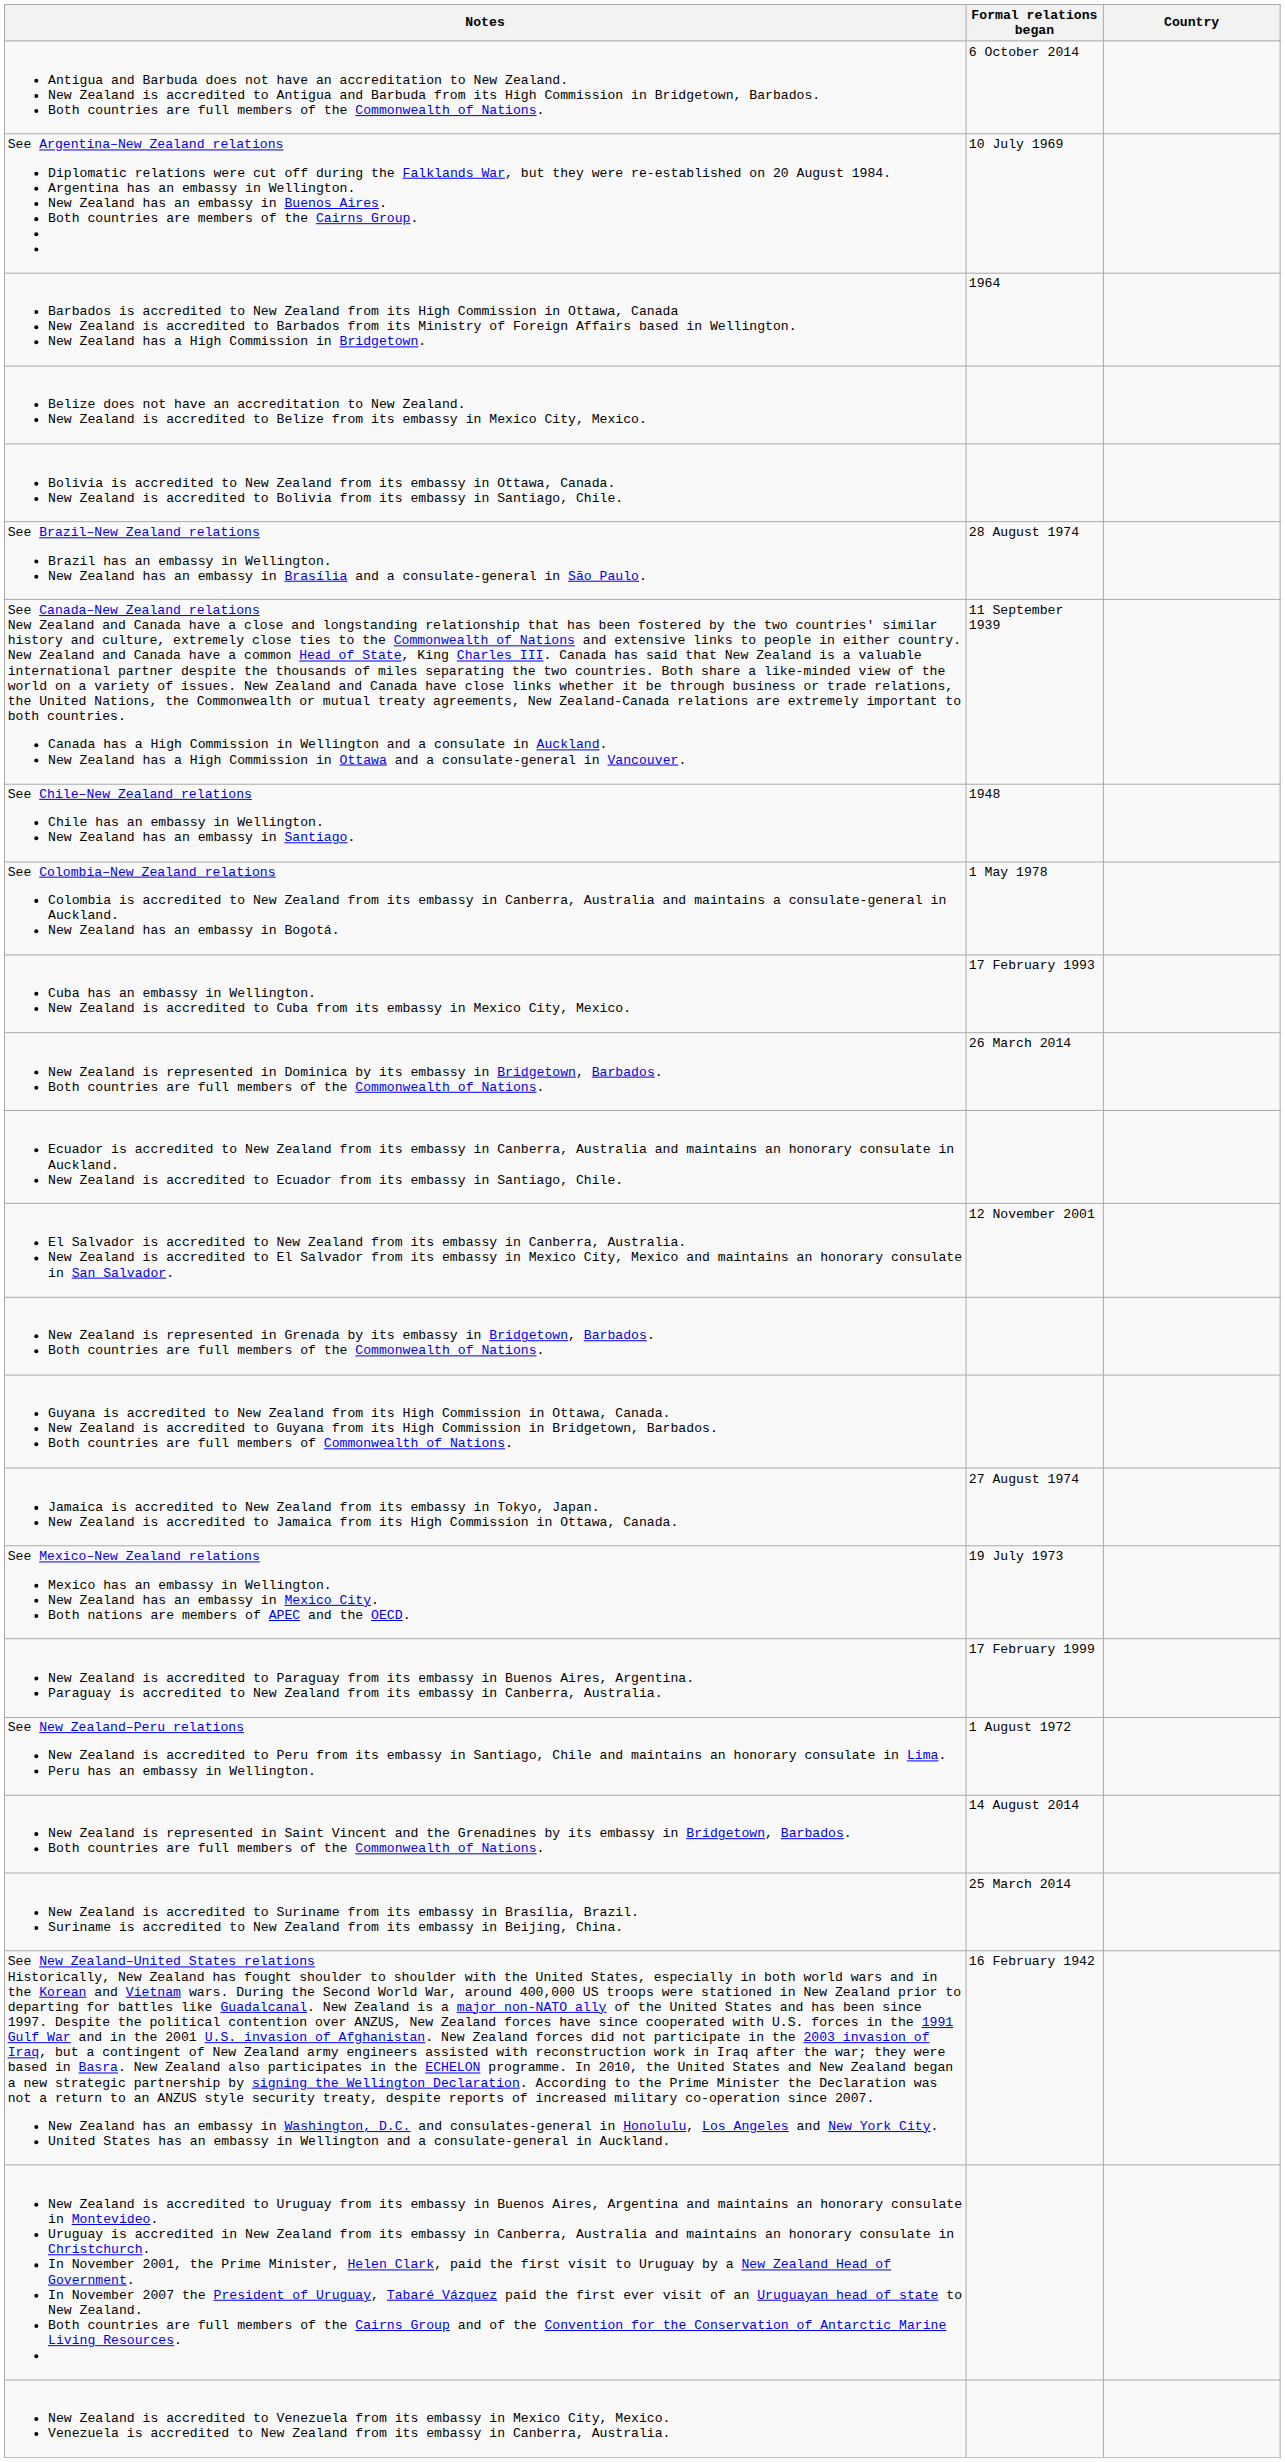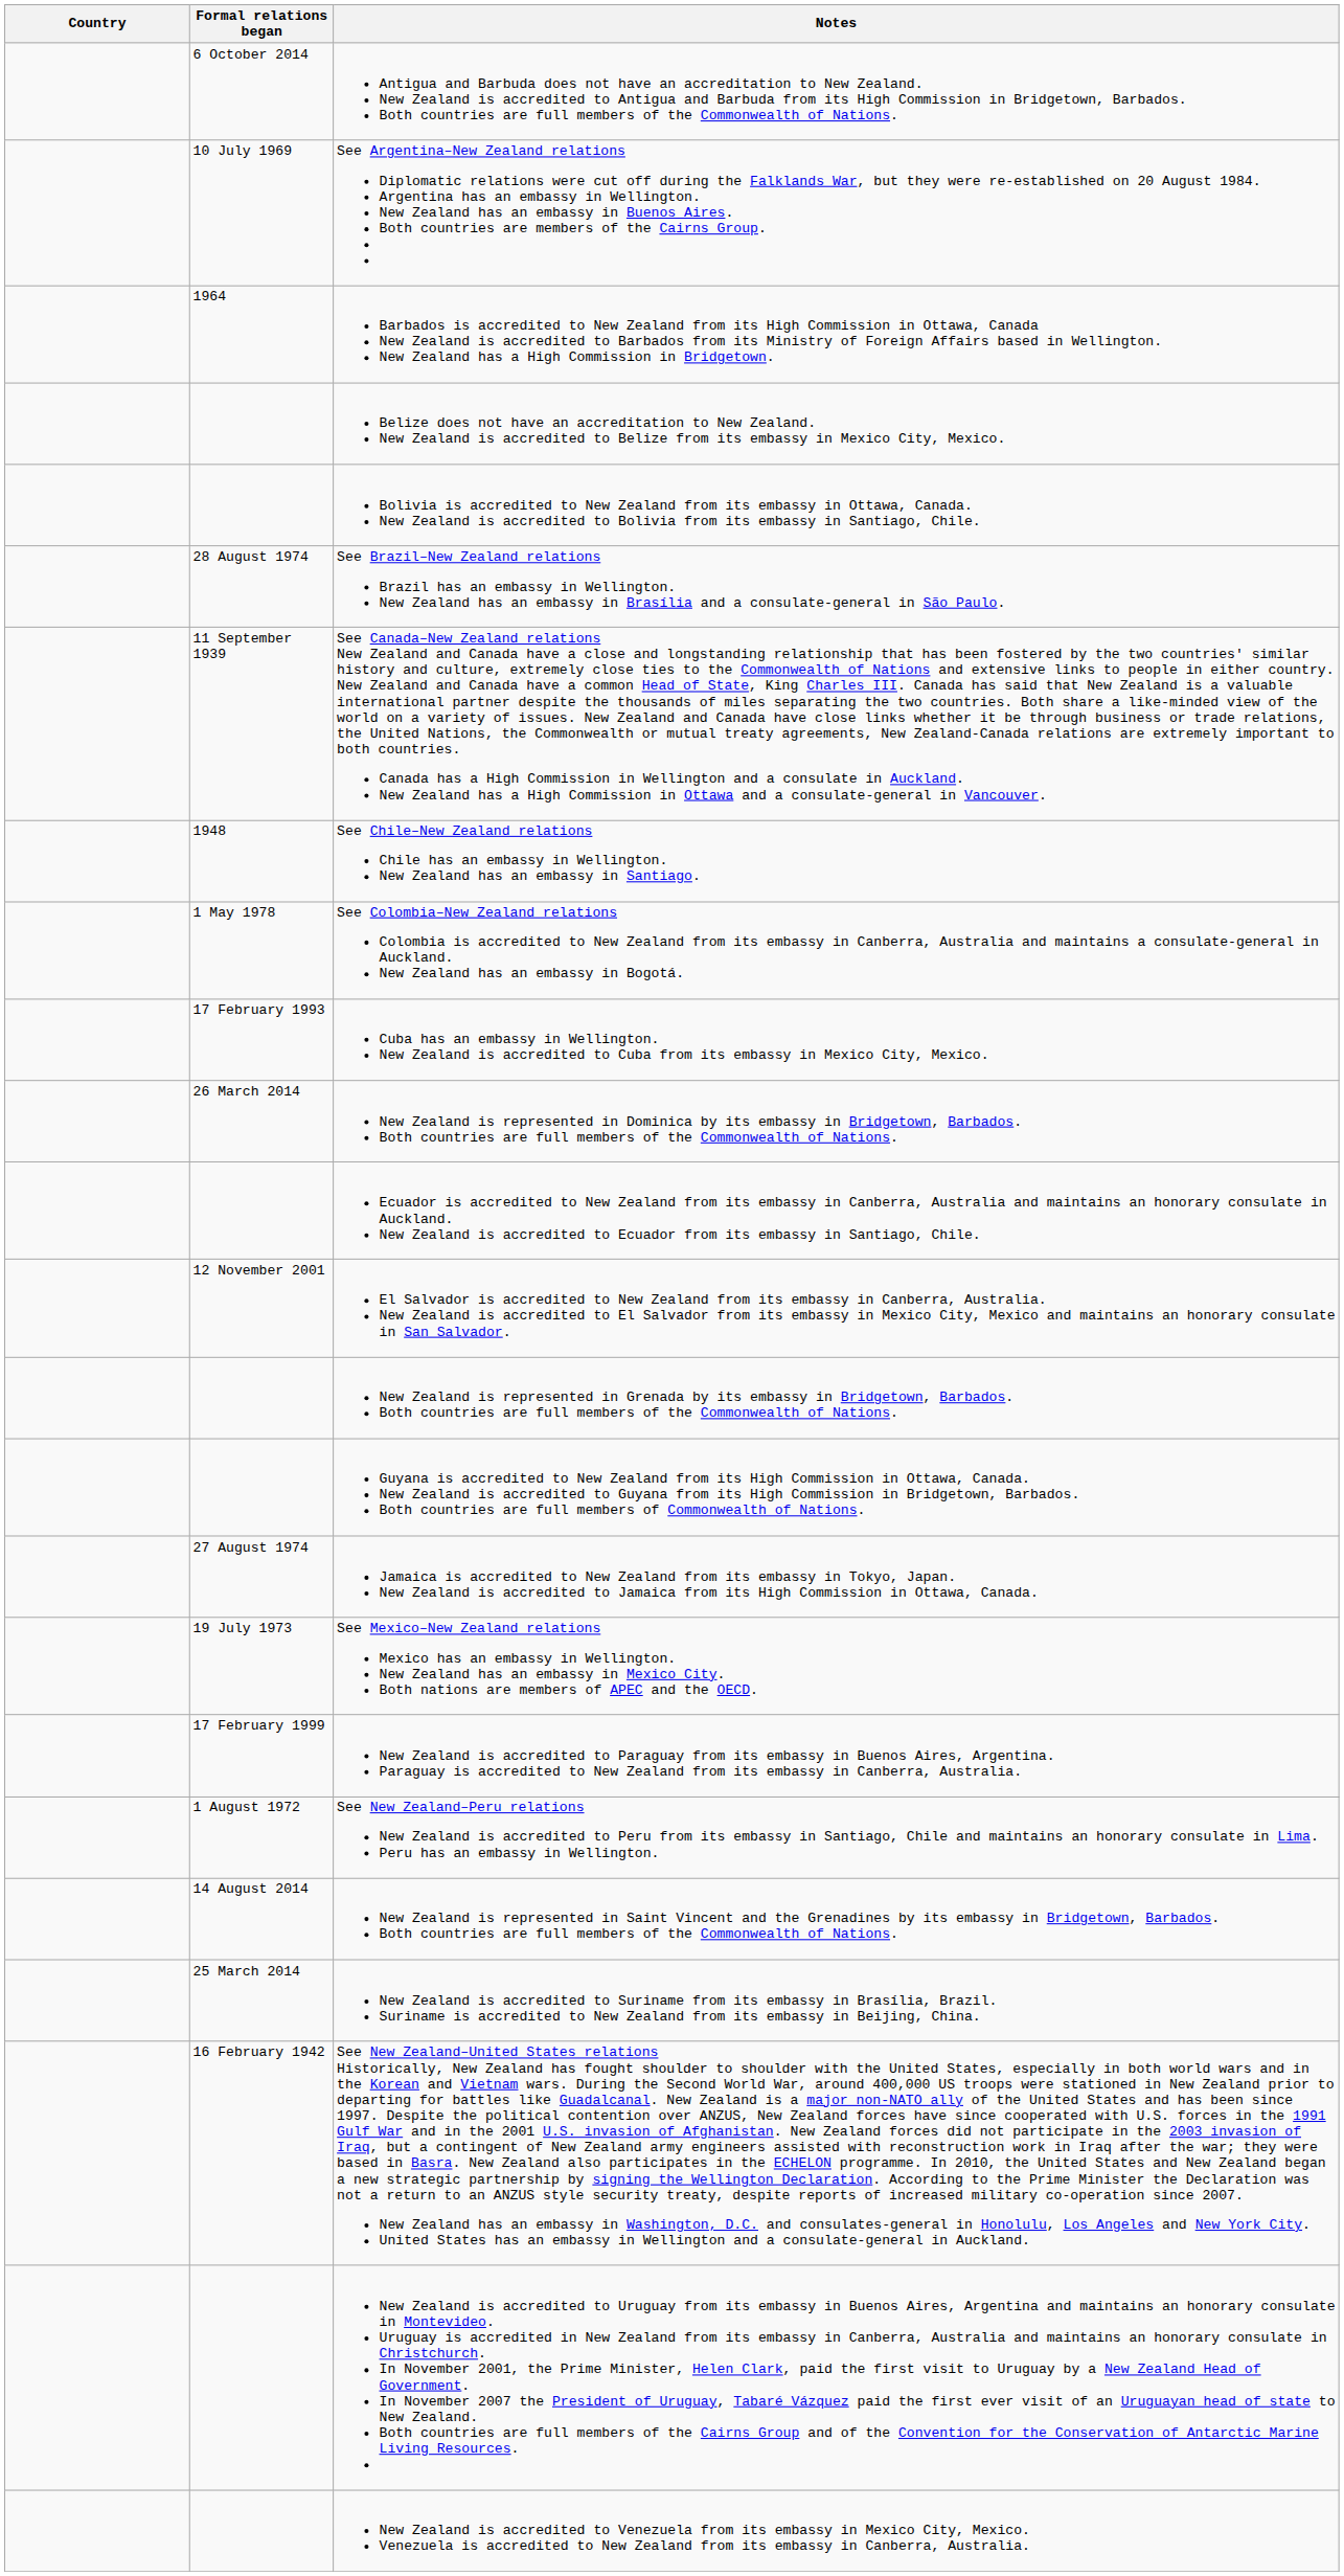 <table class="wikitable sortable" style="width:100%; margin:auto;">
 <tr>
+<th style="width:13em;">Country</th>
+<th style="width:10em;">Formal relations began</th>
 <th>Notes</th>
-<th style="width:10em;">Formal relations began</th>
-<th style="width:13em;">Country</th>
 </tr>
 <tr valign="top">
+<td></td>
+<td>6 October 2014</td>
 <td><br><ul><li>Antigua and Barbuda does not have an accreditation to New Zealand.</li><li>New Zealand is accredited to Antigua and Barbuda from its High Commission in Bridgetown, Barbados.</li><li>Both countries are full members of the <a href='#'>Commonwealth of Nations</a>.</li></ul></td>
-<td>6 October 2014</td>
-<td></td>
 </tr>
 <tr valign="top">
+<td></td>
+<td>10 July 1969</td>
 <td>See <a href='#'>Argentina–New Zealand relations</a><br><ul><li>Diplomatic relations were cut off during the <a href='#'>Falklands War</a>, but they were re-established on 20 August 1984.</li><li>Argentina has an embassy in Wellington.</li><li>New Zealand has an embassy in <a href='#'>Buenos Aires</a>.</li><li>Both countries are members of the <a href='#'>Cairns Group</a>.</li><li></li><li> </li></ul></td>
-<td>10 July 1969</td>
-<td></td>
 </tr>
 <tr valign="top">
+<td></td>
+<td> 1964</td>
 <td><br><ul><li>Barbados is accredited to New Zealand from its High Commission in Ottawa, Canada</li><li>New Zealand is accredited to Barbados from its Ministry of Foreign Affairs based in Wellington.</li><li>New Zealand has a High Commission in <a href='#'>Bridgetown</a>.</li></ul></td>
-<td> 1964</td>
-<td></td>
 </tr>
 <tr valign="top">
-<td><br><ul><li>Belize does not have an accreditation to New Zealand.</li><li>New Zealand is accredited to Belize from its embassy in Mexico City, Mexico.</li></ul></td>
 <td></td>
 <td></td>
+<td><br><ul><li>Belize does not have an accreditation to New Zealand.</li><li>New Zealand is accredited to Belize from its embassy in Mexico City, Mexico.</li></ul></td>
 </tr>
 <tr valign="top">
-<td><br><ul><li>Bolivia is accredited to New Zealand from its embassy in Ottawa, Canada.</li><li>New Zealand is accredited to Bolivia from its embassy in Santiago, Chile.</li></ul></td>
 <td></td>
 <td></td>
+<td><br><ul><li>Bolivia is accredited to New Zealand from its embassy in Ottawa, Canada.</li><li>New Zealand is accredited to Bolivia from its embassy in Santiago, Chile.</li></ul></td>
 </tr>
 <tr valign="top">
+<td></td>
+<td>28 August 1974</td>
 <td>See <a href='#'>Brazil–New Zealand relations</a><br><ul><li>Brazil has an embassy in Wellington.</li><li>New Zealand has an embassy in <a href='#'>Brasília</a> and a consulate-general in <a href='#'>São Paulo</a>.</li></ul></td>
-<td>28 August 1974</td>
-<td></td>
 </tr>
 <tr valign="top">
+<td></td>
+<td>11 September 1939</td>
 <td>See <a href='#'>Canada–New Zealand relations</a><br>New Zealand and Canada have a close and longstanding relationship that has been fostered by the two countries' similar history and culture, extremely close ties to the <a href='#'>Commonwealth of Nations</a> and extensive links to people in either country. New Zealand and Canada have a common <a href='#'>Head of State</a>, King <a href='#'>Charles III</a>. Canada has said that New Zealand is a valuable international partner despite the thousands of miles separating the two countries. Both share a like-minded view of the world on a variety of issues. New Zealand and Canada have close links whether it be through business or trade relations, the United Nations, the Commonwealth or mutual treaty agreements, New Zealand-Canada relations are extremely important to both countries.<ul><li>Canada has a High Commission in Wellington and a consulate in <a href='#'>Auckland</a>.</li><li>New Zealand has a High Commission in <a href='#'>Ottawa</a> and a consulate-general in <a href='#'>Vancouver</a>.</li></ul></td>
-<td>11 September 1939</td>
-<td></td>
 </tr>
 <tr valign="top">
+<td></td>
+<td> 1948</td>
 <td>See <a href='#'>Chile–New Zealand relations</a><br><ul><li>Chile has an embassy in Wellington.</li><li>New Zealand has an embassy in <a href='#'>Santiago</a>.</li></ul></td>
-<td> 1948</td>
-<td></td>
 </tr>
 <tr valign="top">
+<td></td>
+<td>1 May 1978</td>
 <td>See <a href='#'>Colombia–New Zealand relations</a><br><ul><li>Colombia is accredited to New Zealand from its embassy in Canberra, Australia and maintains a consulate-general in Auckland.</li><li>New Zealand has an embassy in Bogotá.</li></ul></td>
-<td>1 May 1978</td>
-<td></td>
 </tr>
 <tr valign="top">
+<td></td>
+<td>17 February 1993</td>
 <td><br><ul><li>Cuba has an embassy in Wellington.</li><li>New Zealand is accredited to Cuba from its embassy in Mexico City, Mexico.</li></ul></td>
-<td>17 February 1993</td>
-<td></td>
 </tr>
 <tr valign="top">
+<td></td>
+<td>26 March 2014</td>
 <td><br><ul><li>New Zealand is represented in Dominica by its embassy in <a href='#'>Bridgetown</a>, <a href='#'>Barbados</a>.</li><li>Both countries are full members of the <a href='#'>Commonwealth of Nations</a>.</li></ul></td>
-<td>26 March 2014</td>
-<td></td>
 </tr>
 <tr valign="top">
-<td><br><ul><li>Ecuador is accredited to New Zealand from its embassy in Canberra, Australia and maintains an honorary consulate in Auckland.</li><li>New Zealand is accredited to Ecuador from its embassy in Santiago, Chile.</li></ul></td>
 <td></td>
 <td></td>
+<td><br><ul><li>Ecuador is accredited to New Zealand from its embassy in Canberra, Australia and maintains an honorary consulate in Auckland.</li><li>New Zealand is accredited to Ecuador from its embassy in Santiago, Chile.</li></ul></td>
 </tr>
 <tr valign="top">
+<td></td>
+<td>12 November 2001</td>
 <td><br><ul><li>El Salvador is accredited to New Zealand from its embassy in Canberra, Australia.</li><li>New Zealand is accredited to El Salvador from its embassy in Mexico City, Mexico and maintains an honorary consulate in <a href='#'>San Salvador</a>.</li></ul></td>
-<td>12 November 2001</td>
-<td></td>
 </tr>
 <tr valign="top">
-<td><br><ul><li>New Zealand is represented in Grenada by its embassy in <a href='#'>Bridgetown</a>, <a href='#'>Barbados</a>.</li><li>Both countries are full members of the <a href='#'>Commonwealth of Nations</a>.</li></ul></td>
 <td></td>
 <td></td>
+<td><br><ul><li>New Zealand is represented in Grenada by its embassy in <a href='#'>Bridgetown</a>, <a href='#'>Barbados</a>.</li><li>Both countries are full members of the <a href='#'>Commonwealth of Nations</a>.</li></ul></td>
 </tr>
 <tr valign="top">
-<td><br><ul><li>Guyana is accredited to New Zealand from its High Commission in Ottawa, Canada.</li><li>New Zealand is accredited to Guyana from its High Commission in Bridgetown, Barbados.</li><li>Both countries are full members of <a href='#'>Commonwealth of Nations</a>.</li></ul></td>
 <td></td>
 <td></td>
+<td><br><ul><li>Guyana is accredited to New Zealand from its High Commission in Ottawa, Canada.</li><li>New Zealand is accredited to Guyana from its High Commission in Bridgetown, Barbados.</li><li>Both countries are full members of <a href='#'>Commonwealth of Nations</a>.</li></ul></td>
 </tr>
 <tr valign="top">
+<td></td>
+<td>27 August 1974</td>
 <td><br><ul><li>Jamaica is accredited to New Zealand from its embassy in Tokyo, Japan.</li><li>New Zealand is accredited to Jamaica from its High Commission in Ottawa, Canada.</li></ul></td>
-<td>27 August 1974</td>
-<td></td>
 </tr>
 <tr valign="top">
+<td></td>
+<td>19 July 1973</td>
 <td>See <a href='#'>Mexico–New Zealand relations</a><br><ul><li>Mexico has an embassy in Wellington.</li><li>New Zealand has an embassy in <a href='#'>Mexico City</a>.</li><li>Both nations are members of <a href='#'>APEC</a> and the <a href='#'>OECD</a>.</li></ul></td>
-<td>19 July 1973</td>
-<td></td>
 </tr>
 <tr valign="top">
+<td></td>
+<td>17 February 1999</td>
 <td><br><ul><li>New Zealand is accredited to Paraguay from its embassy in Buenos Aires, Argentina.</li><li>Paraguay is accredited to New Zealand from its embassy in Canberra, Australia.</li></ul></td>
-<td>17 February 1999</td>
-<td></td>
 </tr>
 <tr valign="top">
+<td></td>
+<td>1 August 1972</td>
 <td>See <a href='#'>New Zealand–Peru relations</a><br><ul><li>New Zealand is accredited to Peru from its embassy in Santiago, Chile and maintains an honorary consulate in <a href='#'>Lima</a>.</li><li>Peru has an embassy in Wellington.</li></ul></td>
-<td>1 August 1972</td>
-<td></td>
 </tr>
 <tr valign="top">
+<td></td>
+<td>14 August 2014</td>
 <td><br><ul><li>New Zealand is represented in Saint Vincent and the Grenadines by its embassy in <a href='#'>Bridgetown</a>, <a href='#'>Barbados</a>.</li><li>Both countries are full members of the <a href='#'>Commonwealth of Nations</a>.</li></ul></td>
-<td>14 August 2014</td>
-<td></td>
 </tr>
 <tr valign="top">
+<td></td>
+<td>25 March 2014</td>
 <td><br><ul><li>New Zealand is accredited to Suriname from its embassy in Brasília, Brazil.</li><li>Suriname is accredited to New Zealand from its embassy in Beijing, China.</li></ul></td>
-<td>25 March 2014</td>
-<td></td>
 </tr>
 <tr valign="top">
+<td></td>
+<td>16 February 1942</td>
 <td>See <a href='#'>New Zealand–United States relations</a><br> Historically, New Zealand has fought shoulder to shoulder with the United States, especially in both world wars and in the <a href='#'>Korean</a> and <a href='#'>Vietnam</a> wars. During the Second World War, around 400,000 US troops were stationed in New Zealand prior to departing for battles like <a href='#'>Guadalcanal</a>. New Zealand is a <a href='#'>major non-NATO ally</a> of the United States and has been since 1997. Despite the political contention over ANZUS, New Zealand forces have since cooperated with U.S. forces in the <a href='#'>1991 Gulf War</a> and in the 2001 <a href='#'>U.S. invasion of Afghanistan</a>. New Zealand forces did not participate in the <a href='#'>2003 invasion of Iraq</a>, but a contingent of New Zealand army engineers assisted with reconstruction work in Iraq after the war; they were based in <a href='#'>Basra</a>. New Zealand also participates in the <a href='#'>ECHELON</a> programme. In 2010, the United States and New Zealand began a new strategic partnership by <a href='#'>signing the Wellington Declaration</a>. According to the Prime Minister the Declaration was not a return to an ANZUS style security treaty, despite reports of increased military co-operation since 2007.<ul><li>New Zealand has an embassy in <a href='#'>Washington, D.C.</a> and consulates-general in <a href='#'>Honolulu</a>, <a href='#'>Los Angeles</a> and <a href='#'>New York City</a>.</li><li>United States has an embassy in Wellington and a consulate-general in Auckland.</li></ul></td>
-<td>16 February 1942</td>
-<td></td>
 </tr>
 <tr valign="top">
-<td><br><ul><li>New Zealand is accredited to Uruguay from its embassy in Buenos Aires, Argentina and maintains an honorary consulate in <a href='#'>Montevideo</a>.</li><li>Uruguay is accredited in New Zealand from its embassy in Canberra, Australia and maintains an honorary consulate in <a href='#'>Christchurch</a>.</li><li>In November 2001, the Prime Minister, <a href='#'>Helen Clark</a>, paid the first visit to Uruguay by a <a href='#'>New Zealand Head of Government</a>.</li><li>In November 2007 the <a href='#'>President of Uruguay</a>, <a href='#'>Tabaré Vázquez</a> paid the first ever visit of an <a href='#'>Uruguayan head of state</a> to New Zealand.</li><li>Both countries are full members of the <a href='#'>Cairns Group</a> and of the <a href='#'>Convention for the Conservation of Antarctic Marine Living Resources</a>.</li><li> </li></ul></td>
 <td></td>
 <td></td>
+<td><br><ul><li>New Zealand is accredited to Uruguay from its embassy in Buenos Aires, Argentina and maintains an honorary consulate in <a href='#'>Montevideo</a>.</li><li>Uruguay is accredited in New Zealand from its embassy in Canberra, Australia and maintains an honorary consulate in <a href='#'>Christchurch</a>.</li><li>In November 2001, the Prime Minister, <a href='#'>Helen Clark</a>, paid the first visit to Uruguay by a <a href='#'>New Zealand Head of Government</a>.</li><li>In November 2007 the <a href='#'>President of Uruguay</a>, <a href='#'>Tabaré Vázquez</a> paid the first ever visit of an <a href='#'>Uruguayan head of state</a> to New Zealand.</li><li>Both countries are full members of the <a href='#'>Cairns Group</a> and of the <a href='#'>Convention for the Conservation of Antarctic Marine Living Resources</a>.</li><li> </li></ul></td>
 </tr>
 <tr valign="top">
-<td><br><ul><li>New Zealand is accredited to Venezuela from its embassy in Mexico City, Mexico.</li><li>Venezuela is accredited to New Zealand from its embassy in Canberra, Australia.</li></ul></td>
 <td></td>
 <td></td>
+<td><br><ul><li>New Zealand is accredited to Venezuela from its embassy in Mexico City, Mexico.</li><li>Venezuela is accredited to New Zealand from its embassy in Canberra, Australia.</li></ul></td>
 </tr>
 </table>
